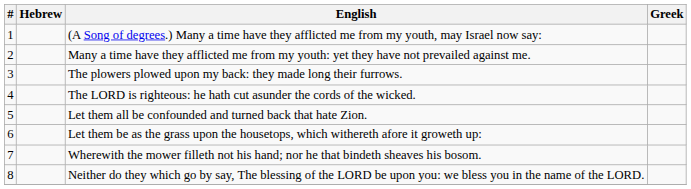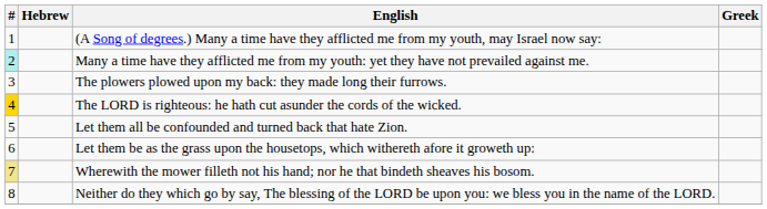 <table class=wikitable>
 <tr>
 <th>#</th>
 <th>Hebrew</th>
 <th>English</th>
 <th>Greek</th>
 </tr>
 <tr>
 <td style="text-align:right">1</td>
 <td style="text-align:right"></td>
 <td>(A <a href='#'>Song of degrees</a>.) Many a time have they afflicted me from my youth, may Israel now say:</td>
 <td></td>
 </tr>
 <tr>
-<td style="text-align:right">2</td>
+<td style="background: paleturquoise; text-align:right">2</td>
 <td style="text-align:right"></td>
 <td>Many a time have they afflicted me from my youth: yet they have not prevailed against me.</td>
 <td></td>
 </tr>
 <tr>
 <td style="text-align:right">3</td>
 <td style="text-align:right"></td>
 <td>The plowers plowed upon my back: they made long their furrows.</td>
 <td></td>
 </tr>
 <tr>
-<td style="text-align:right">4</td>
+<td style="background: gold; text-align:right">4</td>
 <td style="text-align:right"></td>
 <td>The LORD is righteous: he hath cut asunder the cords of the wicked.</td>
 <td></td>
 </tr>
 <tr>
 <td style="text-align:right">5</td>
 <td style="text-align:right"></td>
 <td>Let them all be confounded and turned back that hate Zion.</td>
 <td></td>
 </tr>
 <tr>
 <td style="text-align:right">6</td>
 <td style="text-align:right"></td>
 <td>Let them be as the grass upon the housetops, which withereth afore it groweth up:</td>
 <td></td>
 </tr>
 <tr>
-<td style="text-align:right">7</td>
+<td style="background: khaki; text-align:right">7</td>
 <td style="text-align:right"></td>
 <td>Wherewith the mower filleth not his hand; nor he that bindeth sheaves his bosom.</td>
 <td></td>
 </tr>
 <tr>
 <td style="text-align:right">8</td>
 <td style="text-align:right"></td>
 <td>Neither do they which go by say, The blessing of the LORD be upon you: we bless you in the name of the LORD.</td>
 <td></td>
 </tr>
 <tr>
 </tr>
 </table>
